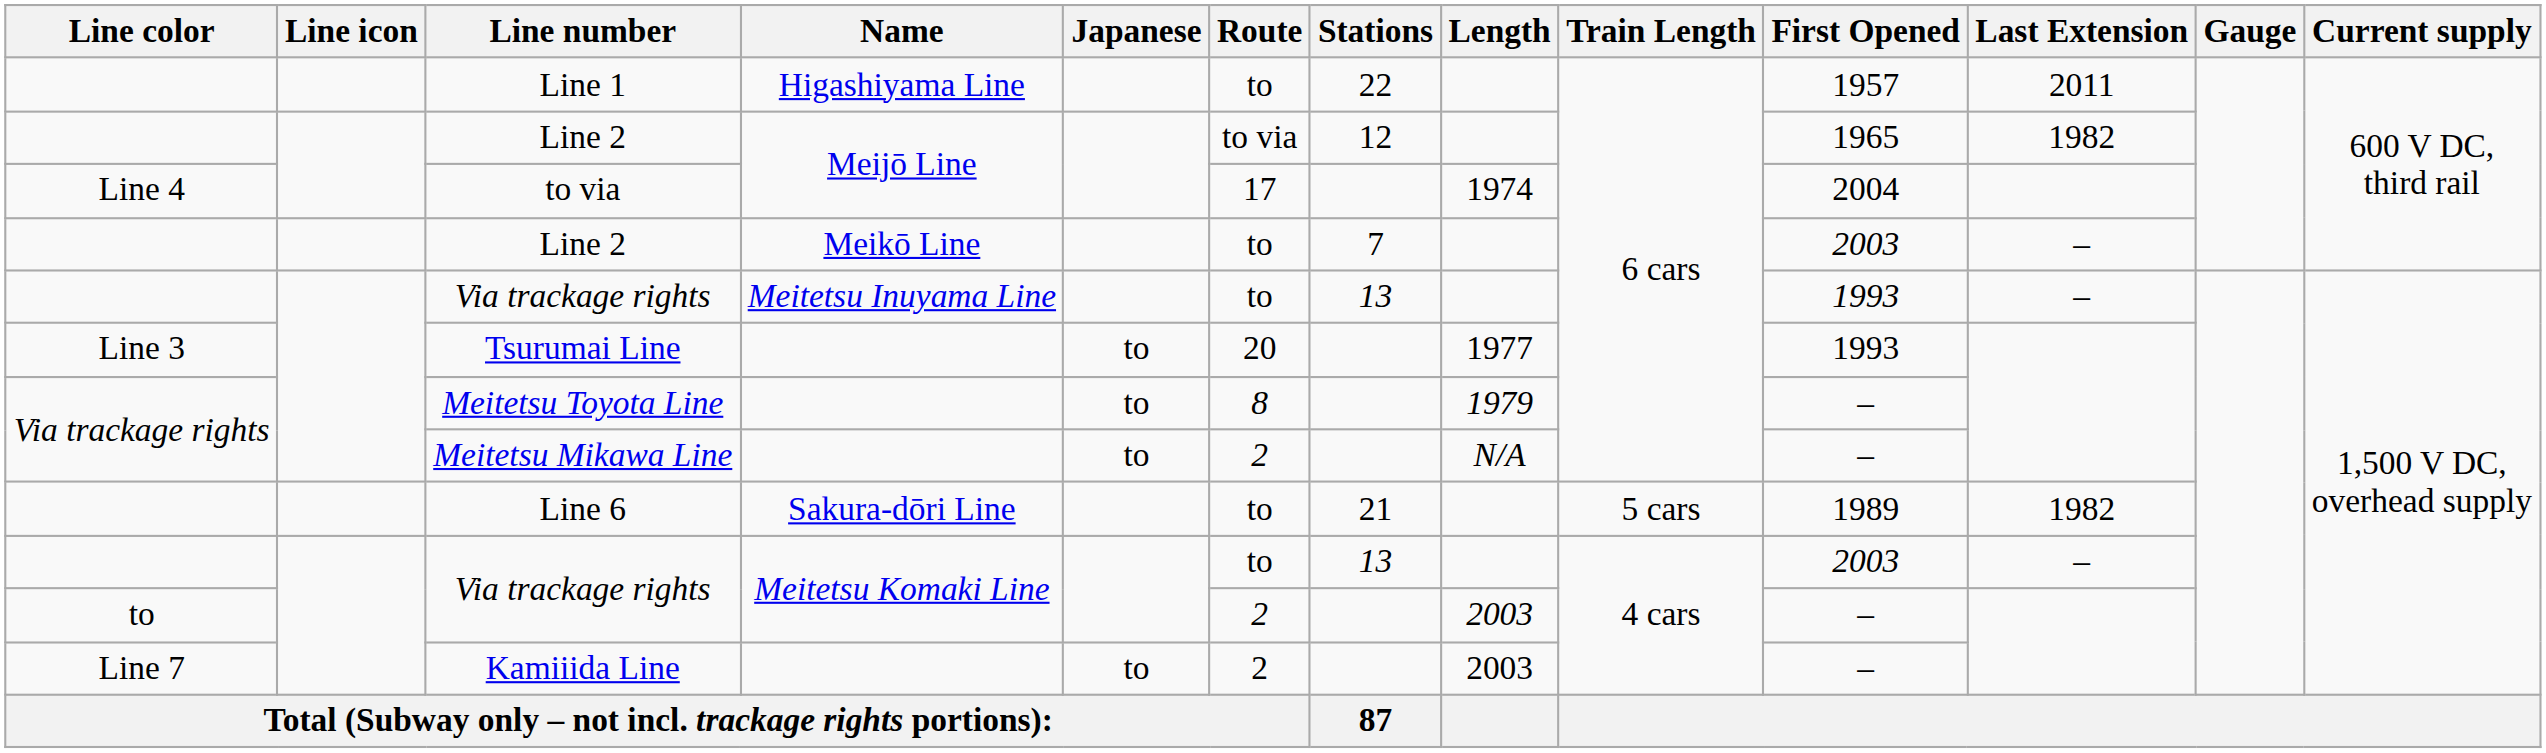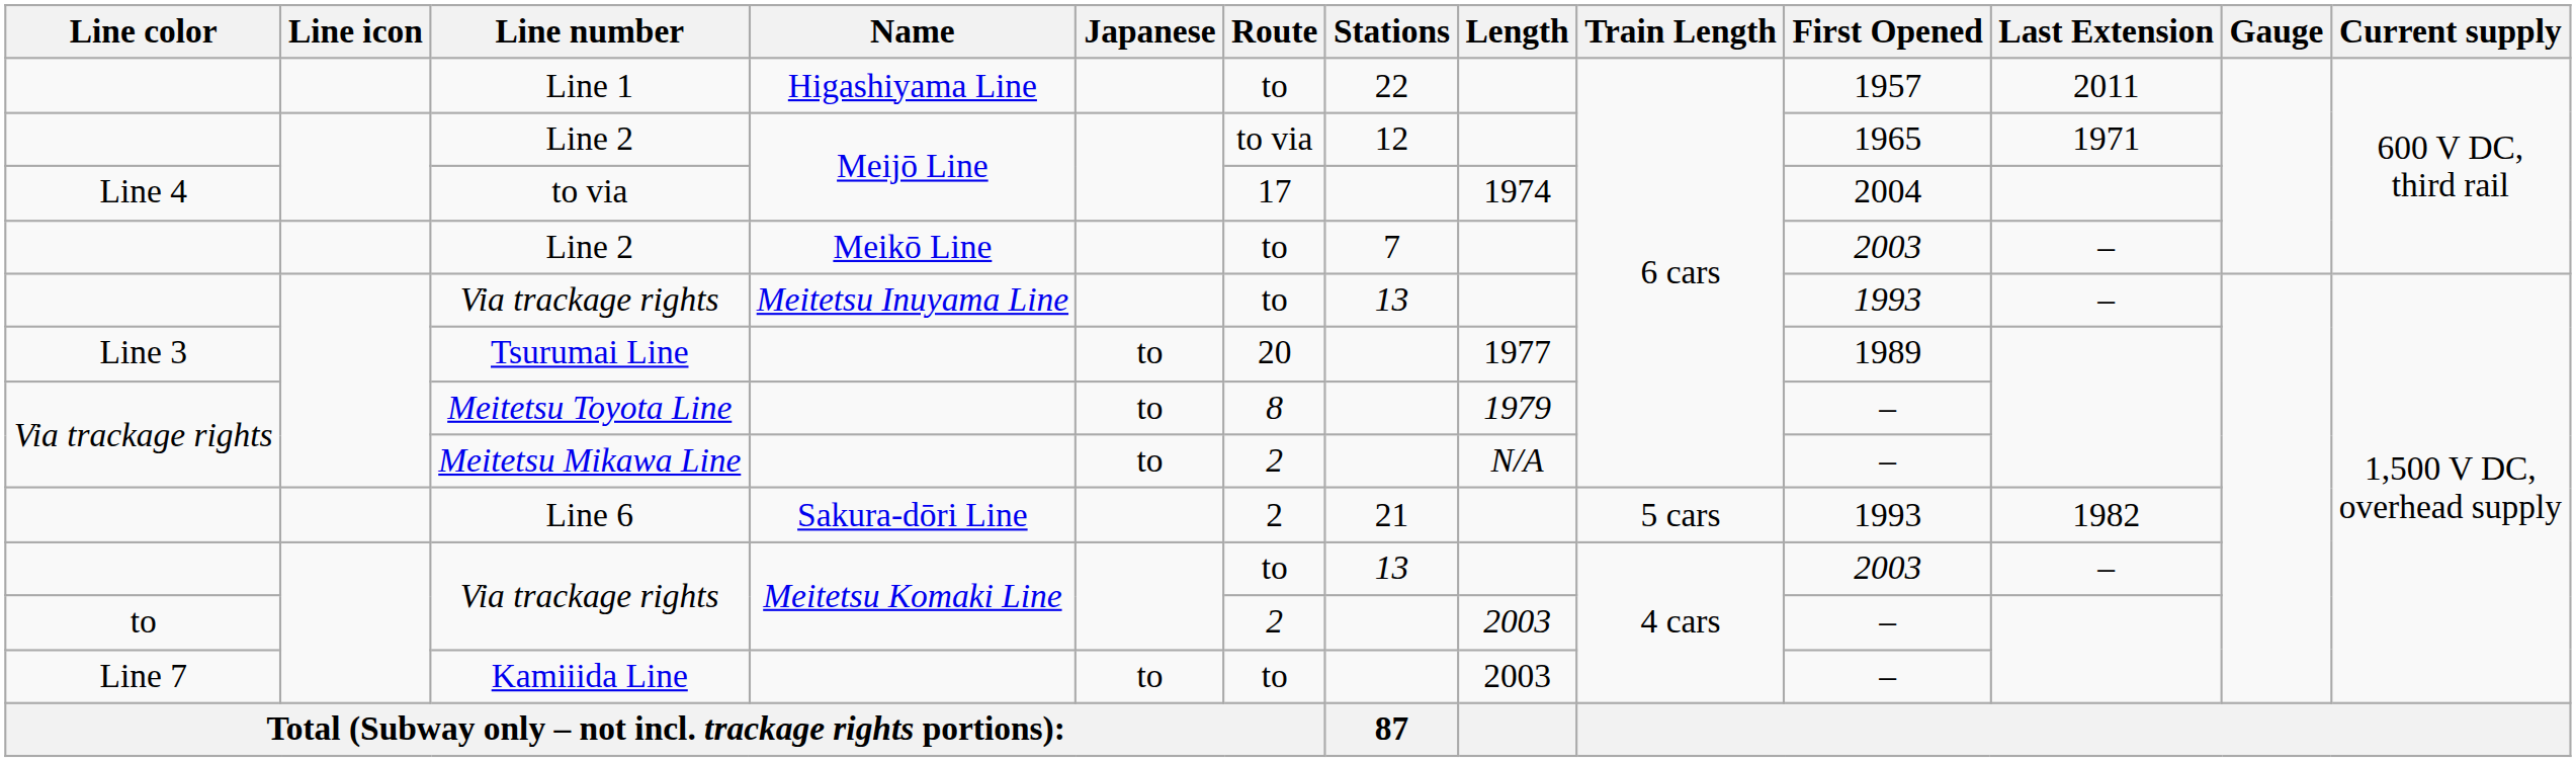 <table class="wikitable sortable" style=margin:auto;font-align:center;text-align:center>
 <tr>
 <th>Line color</th>
 <th>Line icon</th>
 <th>Line number</th>
 <th>Name</th>
 <th>Japanese</th>
 <th>Route</th>
 <th>Stations</th>
 <th>Length</th>
 <th>Train Length</th>
 <th>First Opened</th>
 <th>Last Extension</th>
 <th>Gauge</th>
 <th>Current supply</th>
 </tr>
 <tr>
 <td style="background:#"></td>
 <td style="text-align:center;"></td>
 <td>Line 1</td>
 <td><a href='#'>Higashiyama Line</a></td>
 <td></td>
 <td> to </td>
 <td>22</td>
 <td></td>
 <td rowspan="8">6 cars</td>
 <td>1957</td>
 <td>2011</td>
 <td rowspan="4"></td>
 <td rowspan="4">600 V DC, <br>third rail</td>
 </tr>
 <tr>
 <td style="background:#"></td>
 <td style="text-align:center;" rowspan="2"></td>
 <td>Line 2</td>
 <td rowspan="2"><a href='#'>Meijō Line</a></td>
 <td rowspan="2"></td>
 <td> to  via </td>
 <td>12</td>
 <td></td>
 <td>1965</td>
-<td>1982</td>
+<td>1971</td>
 </tr>
 <tr>
 <td>Line 4</td>
 <td> to  via </td>
 <td>17</td>
 <td></td>
 <td>1974</td>
 <td>2004</td>
 </tr>
 <tr>
 <td style="background:#"></td>
 <td style="text-align:center;"></td>
 <td>Line 2</td>
 <td><a href='#'>Meikō Line</a></td>
 <td></td>
 <td> to </td>
 <td>7</td>
 <td></td>
 <td><em>2003</em></td>
 <td>–</td>
 </tr>
 <tr>
 <td style="background:#"></td>
 <td style="text-align:center;" rowspan="4"></td>
 <td><em>Via trackage rights</em></td>
 <td><em><a href='#'>Meitetsu Inuyama Line</a></em></td>
 <td></td>
 <td> to </td>
 <td><em>13</em></td>
 <td><em></em></td>
 <td><em>1993</em></td>
 <td>–</td>
 <td rowspan="8"></td>
 <td rowspan="8">1,500 V DC, <br>overhead supply</td>
 </tr>
 <tr>
 <td>Line 3</td>
 <td><a href='#'>Tsurumai Line</a></td>
 <td></td>
 <td> to </td>
 <td>20</td>
 <td></td>
 <td>1977</td>
-<td>1993</td>
+<td>1989</td>
 </tr>
 <tr>
 <td rowspan="2"><em>Via trackage rights</em></td>
 <td><em><a href='#'>Meitetsu Toyota Line</a></em></td>
 <td></td>
 <td> to </td>
 <td><em>8</em></td>
 <td><em></em></td>
 <td><em>1979</em></td>
 <td>–</td>
 </tr>
 <tr>
 <td><em><a href='#'>Meitetsu Mikawa Line</a></em></td>
 <td></td>
 <td> to </td>
 <td><em>2</em></td>
 <td><em></em></td>
 <td><em>N/A</em></td>
 <td>–</td>
 </tr>
 <tr>
 <td style="background:#"></td>
 <td style="text-align:center;"></td>
 <td>Line 6</td>
 <td><a href='#'>Sakura-dōri Line</a></td>
 <td></td>
-<td> to </td>
+<td>2</td>
 <td>21</td>
 <td></td>
 <td>5 cars</td>
-<td>1989</td>
+<td>1993</td>
 <td>1982</td>
 </tr>
 <tr>
 <td style="background:#"></td>
 <td style="text-align:center;" rowspan="3"></td>
 <td rowspan="2"><em>Via trackage rights</em></td>
 <td rowspan="2"><em><a href='#'>Meitetsu Komaki Line</a></em></td>
 <td rowspan="2"></td>
 <td> to </td>
 <td><em>13</em></td>
 <td><em></em></td>
 <td rowspan="3">4 cars</td>
 <td><em>2003</em></td>
 <td>–</td>
 </tr>
 <tr>
 <td> to </td>
 <td><em>2</em></td>
 <td><em></em></td>
 <td><em>2003</em></td>
 <td>–</td>
 </tr>
 <tr>
 <td>Line 7</td>
 <td><a href='#'>Kamiiida Line</a></td>
 <td></td>
 <td> to </td>
-<td>2</td>
+<td> to </td>
 <td></td>
 <td>2003</td>
 <td>–</td>
 </tr>
 <tr style="background:#F2F2F2;">
 <td style="text-align:center;" colspan="6"><strong>Total (Subway only – not incl. <em>trackage rights</em> portions):</strong></td>
 <td><strong>87</strong></td>
 <td><strong></strong></td>
 <td colspan="5"> </td>
 </tr>
 </table>
